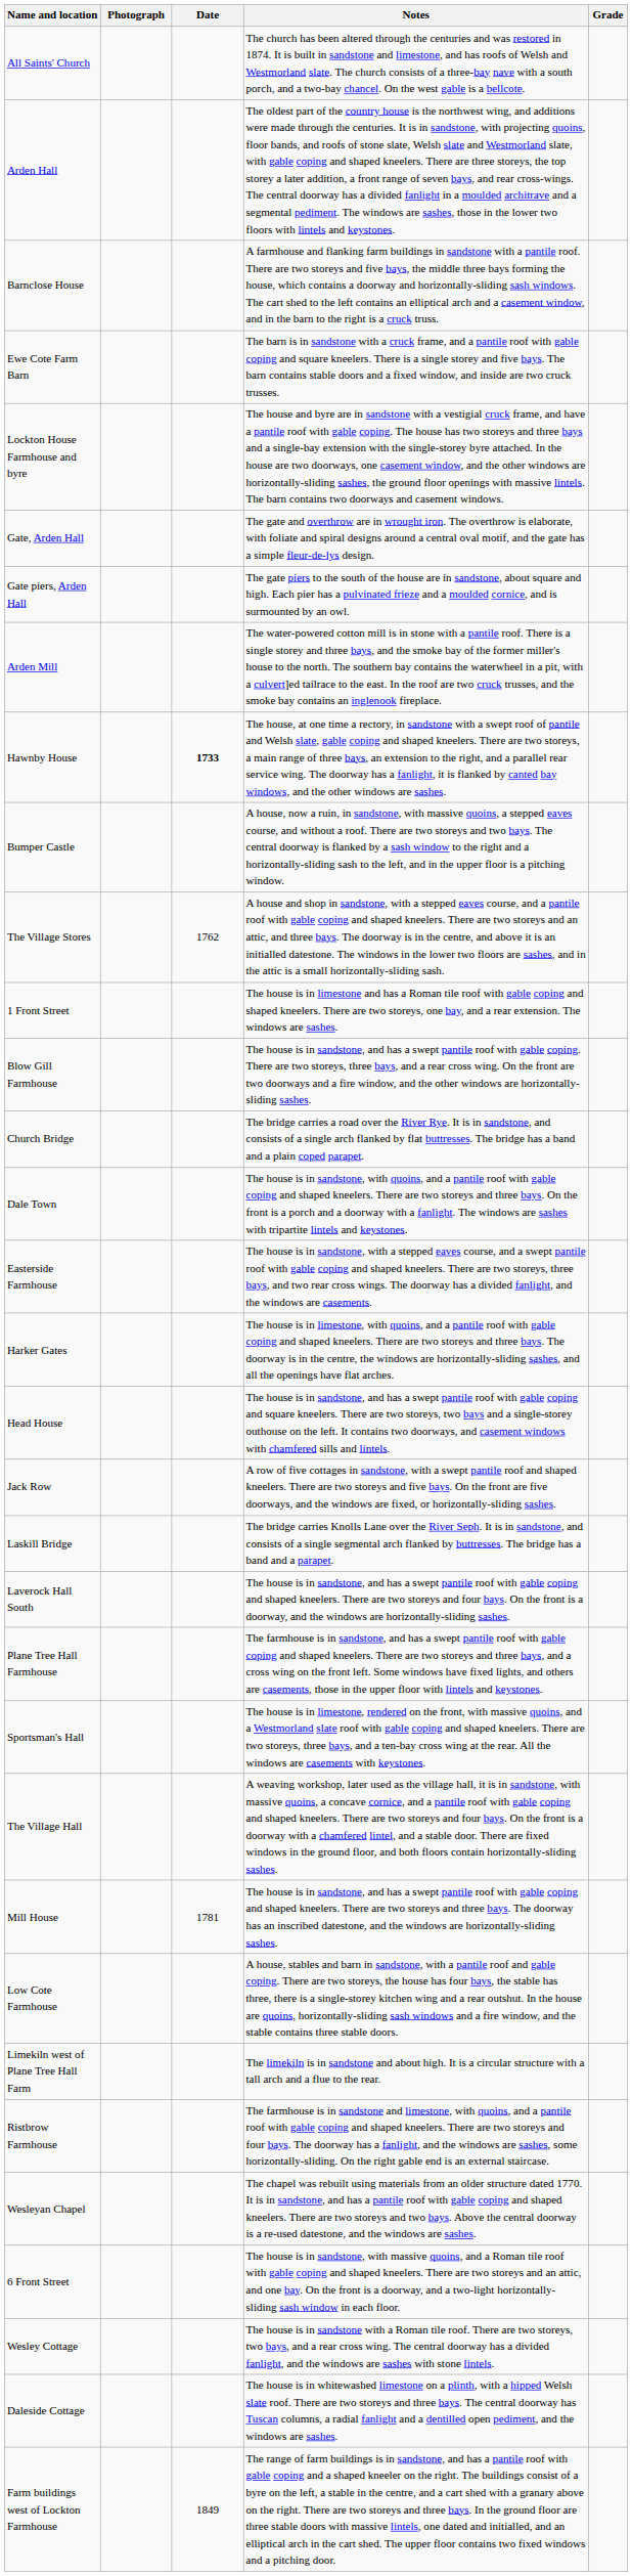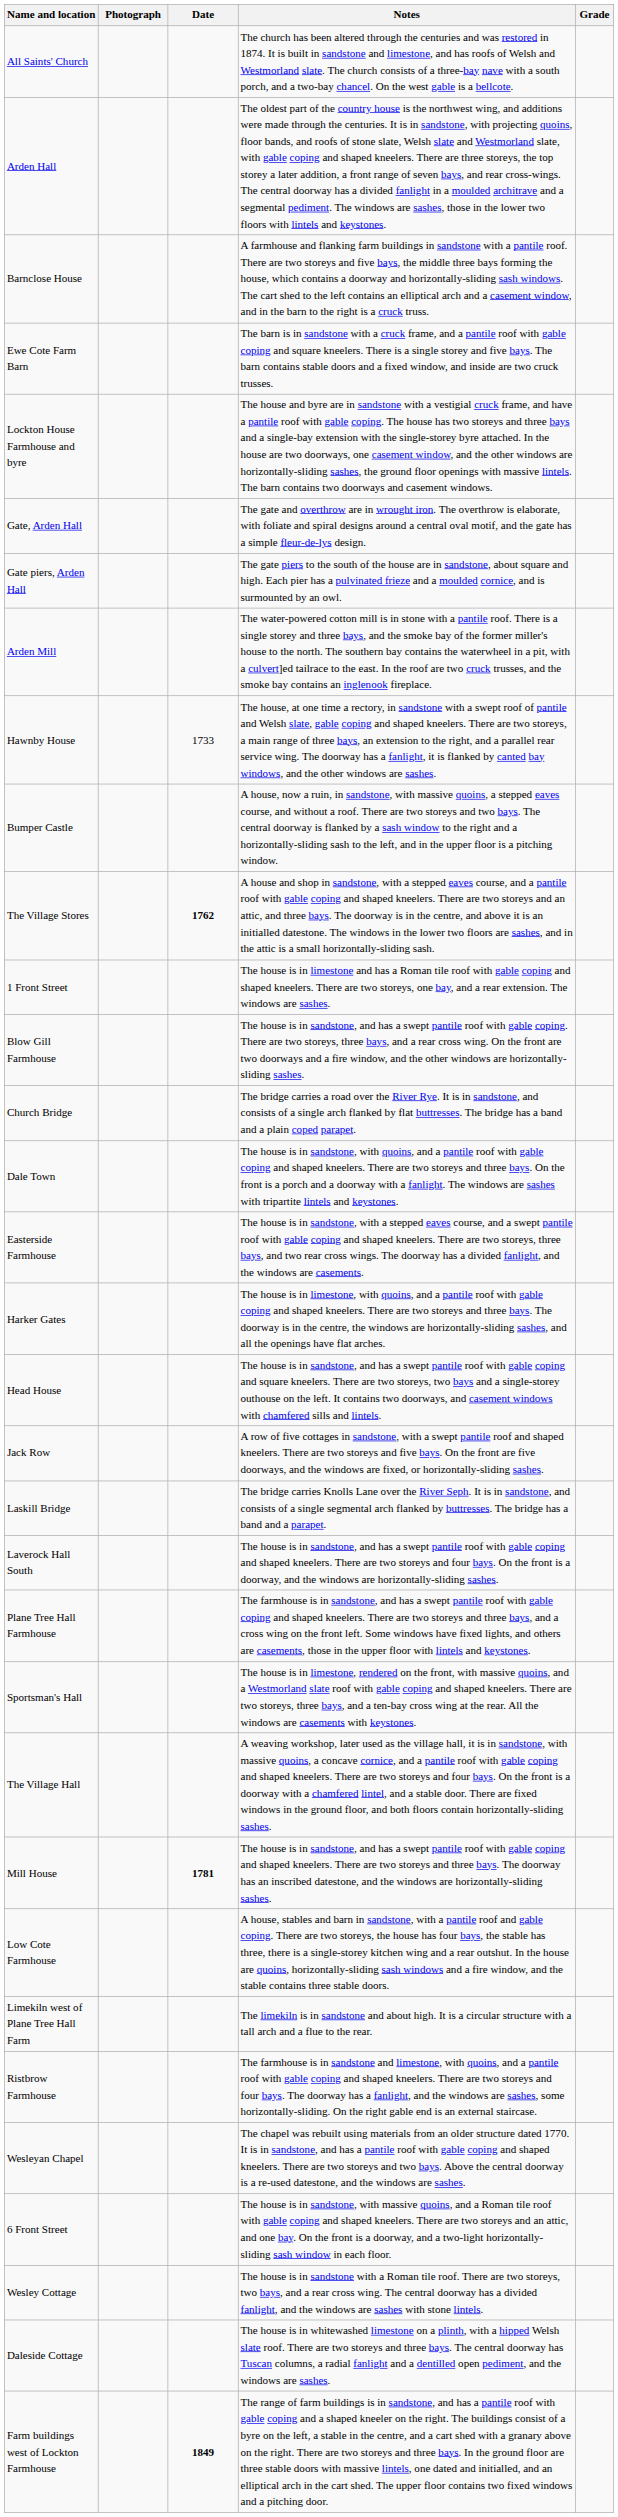 <table class="wikitable sortable plainrowheaders" style="width:100%; border:0px; text-align:left; line-height:150%">
 <tr>
 <th scope="col"  style="width:150px">Name and location</th>
 <th scope="col"  style="width:100px" class="unsortable">Photograph</th>
 <th scope="col"  style="width:120px">Date</th>
 <th scope="col"  style="width:650px" class="unsortable">Notes</th>
 <th scope="col"  style="width:50px">Grade</th>
 </tr>
 <tr>
 <td><a href='#'>All Saints' Church</a><br><small></small></td>
 <td></td>
 <td align="center"></td>
 <td>The church has been altered through the centuries and was <a href='#'>restored</a> in 1874. It is built in <a href='#'>sandstone</a> and <a href='#'>limestone</a>, and has roofs of Welsh and <a href='#'>Westmorland</a> <a href='#'>slate</a>. The church consists of a three-<a href='#'>bay</a> <a href='#'>nave</a> with a south porch, and a two-bay <a href='#'>chancel</a>.  On the west <a href='#'>gable</a> is a <a href='#'>bellcote</a>.</td>
 <td align="center" ></td>
 </tr>
 <tr>
 <td><a href='#'>Arden Hall</a><br><small></small></td>
 <td></td>
 <td align="center"></td>
 <td>The oldest part of the <a href='#'>country house</a> is the northwest wing, and additions were made through the centuries. It is in <a href='#'>sandstone</a>, with projecting <a href='#'>quoins</a>, floor bands, and roofs of stone slate, Welsh <a href='#'>slate</a> and <a href='#'>Westmorland</a> slate, with <a href='#'>gable</a> <a href='#'>coping</a> and shaped kneelers. There are three storeys, the top storey a later addition, a front range of seven <a href='#'>bays</a>, and rear cross-wings. The central doorway has a divided <a href='#'>fanlight</a> in a <a href='#'>moulded</a> <a href='#'>architrave</a> and a segmental <a href='#'>pediment</a>. The windows are <a href='#'>sashes</a>, those in the lower two floors with <a href='#'>lintels</a> and <a href='#'>keystones</a>.</td>
 <td align="center" ></td>
 </tr>
 <tr>
 <td>Barnclose House<br><small></small></td>
 <td></td>
 <td align="center"></td>
 <td>A farmhouse and flanking farm buildings in <a href='#'>sandstone</a> with a <a href='#'>pantile</a> roof.  There are two storeys and five <a href='#'>bays</a>, the middle three bays forming the house, which contains a doorway and horizontally-sliding <a href='#'>sash windows</a>. The cart shed to the left contains an elliptical arch and a <a href='#'>casement window</a>, and in the barn to the right is a <a href='#'>cruck</a> truss.</td>
 <td align="center" ></td>
 </tr>
 <tr>
 <td>Ewe Cote Farm Barn<br><small></small></td>
 <td></td>
 <td align="center"></td>
 <td>The barn is in <a href='#'>sandstone</a> with a <a href='#'>cruck</a> frame, and a <a href='#'>pantile</a> roof with <a href='#'>gable</a> <a href='#'>coping</a> and square kneelers. There is a single storey and five <a href='#'>bays</a>. The barn contains stable doors and a fixed window, and inside are two cruck trusses.</td>
 <td align="center" ></td>
 </tr>
 <tr>
 <td>Lockton House Farmhouse and byre<br><small></small></td>
 <td></td>
 <td align="center"></td>
 <td>The house and byre are in <a href='#'>sandstone</a> with a vestigial <a href='#'>cruck</a> frame, and have a <a href='#'>pantile</a> roof with <a href='#'>gable</a> <a href='#'>coping</a>. The house has two storeys and three <a href='#'>bays</a> and a single-bay extension with the single-storey byre attached. In the house are two doorways, one <a href='#'>casement window</a>, and the other windows are horizontally-sliding <a href='#'>sashes</a>, the ground floor openings with massive <a href='#'>lintels</a>. The barn contains two doorways and casement windows.</td>
 <td align="center" ></td>
 </tr>
 <tr>
 <td>Gate, <a href='#'>Arden Hall</a><br><small></small></td>
 <td></td>
 <td align="center"></td>
 <td>The gate and <a href='#'>overthrow</a> are in <a href='#'>wrought iron</a>. The overthrow is elaborate, with foliate and spiral designs around a central oval motif, and the gate has a simple <a href='#'>fleur-de-lys</a> design.</td>
 <td align="center" ></td>
 </tr>
 <tr>
 <td>Gate piers, <a href='#'>Arden Hall</a><br><small></small></td>
 <td></td>
 <td align="center"></td>
 <td>The gate <a href='#'>piers</a> to the south of the house are in <a href='#'>sandstone</a>, about  square and  high. Each pier has a <a href='#'>pulvinated frieze</a> and a <a href='#'>moulded</a> <a href='#'>cornice</a>, and is surmounted by an owl.</td>
 <td align="center" ></td>
 </tr>
 <tr>
 <td><a href='#'>Arden Mill</a><br><small></small></td>
 <td></td>
 <td align="center"></td>
 <td>The water-powered cotton mill is in stone with a <a href='#'>pantile</a> roof. There is a single storey and three <a href='#'>bays</a>, and the smoke bay of the former miller's house to the north. The southern bay contains the waterwheel in a pit, with a <a href='#'>culvert</a>]ed tailrace to the east. In the roof are two <a href='#'>cruck</a> trusses, and the smoke bay contains an <a href='#'>inglenook</a> fireplace.</td>
 <td align="center" ></td>
 </tr>
 <tr>
 <td>Hawnby House<br><small></small></td>
 <td></td>
-<td align="center"><strong>1733</strong></td>
+<td align="center">1733</td>
 <td>The house, at one time a rectory, in <a href='#'>sandstone</a> with a swept roof of <a href='#'>pantile</a> and Welsh <a href='#'>slate</a>, <a href='#'>gable</a> <a href='#'>coping</a> and shaped kneelers.  There are two storeys, a main range of three <a href='#'>bays</a>, an extension to the right, and a parallel rear service wing. The doorway has a <a href='#'>fanlight</a>, it is flanked by <a href='#'>canted</a> <a href='#'>bay windows</a>, and the other windows are <a href='#'>sashes</a>.</td>
 <td align="center" ></td>
 </tr>
 <tr>
 <td>Bumper Castle<br><small></small></td>
 <td></td>
 <td align="center"></td>
 <td>A house, now a ruin, in <a href='#'>sandstone</a>, with massive <a href='#'>quoins</a>, a stepped <a href='#'>eaves</a> course, and without a roof. There are two storeys and two <a href='#'>bays</a>. The central doorway is flanked by a <a href='#'>sash window</a> to the right and a horizontally-sliding sash to the left, and in the upper floor is a pitching window.</td>
 <td align="center" ></td>
 </tr>
 <tr>
 <td>The Village Stores<br><small></small></td>
 <td></td>
-<td align="center">1762</td>
+<td align="center"><strong>1762</strong></td>
 <td>A house and shop in <a href='#'>sandstone</a>, with a stepped <a href='#'>eaves</a> course, and a <a href='#'>pantile</a> roof with <a href='#'>gable</a> <a href='#'>coping</a> and shaped kneelers. There are two storeys and an attic, and three <a href='#'>bays</a>.  The doorway is in the centre, and above it is an initialled datestone.  The windows in the lower two floors are <a href='#'>sashes</a>, and in the attic is a small horizontally-sliding sash.</td>
 <td align="center" ></td>
 </tr>
 <tr>
 <td>1 Front Street<br><small></small></td>
 <td></td>
 <td align="center"></td>
 <td>The house is in <a href='#'>limestone</a> and has a Roman tile roof with <a href='#'>gable</a> <a href='#'>coping</a> and shaped kneelers. There are two storeys, one <a href='#'>bay</a>, and a rear extension. The windows are <a href='#'>sashes</a>.</td>
 <td align="center" ></td>
 </tr>
 <tr>
 <td>Blow Gill Farmhouse<br><small></small></td>
 <td></td>
 <td align="center"></td>
 <td>The house is in <a href='#'>sandstone</a>, and has a swept <a href='#'>pantile</a> roof with <a href='#'>gable</a> <a href='#'>coping</a>. There are two storeys, three <a href='#'>bays</a>, and a rear cross wing. On the front are two doorways and a fire window, and the other windows are horizontally-sliding <a href='#'>sashes</a>.</td>
 <td align="center" ></td>
 </tr>
 <tr>
 <td>Church Bridge<br><small></small></td>
 <td></td>
 <td align="center"></td>
 <td>The bridge carries a road over the <a href='#'>River Rye</a>. It is in <a href='#'>sandstone</a>, and consists of a single arch flanked by flat <a href='#'>buttresses</a>. The bridge has a band and a plain <a href='#'>coped</a> <a href='#'>parapet</a>.</td>
 <td align="center" ></td>
 </tr>
 <tr>
 <td>Dale Town<br><small></small></td>
 <td></td>
 <td align="center"></td>
 <td>The house is in <a href='#'>sandstone</a>, with <a href='#'>quoins</a>, and a <a href='#'>pantile</a> roof with <a href='#'>gable</a> <a href='#'>coping</a> and shaped kneelers. There are two storeys and three <a href='#'>bays</a>. On the front is a porch and a doorway with a <a href='#'>fanlight</a>. The windows are <a href='#'>sashes</a> with tripartite <a href='#'>lintels</a> and <a href='#'>keystones</a>.</td>
 <td align="center" ></td>
 </tr>
 <tr>
 <td>Easterside Farmhouse<br><small></small></td>
 <td></td>
 <td align="center"></td>
 <td>The house is in <a href='#'>sandstone</a>, with a stepped <a href='#'>eaves</a> course, and a swept <a href='#'>pantile</a> roof with <a href='#'>gable</a> <a href='#'>coping</a> and shaped kneelers. There are two storeys, three <a href='#'>bays</a>, and two rear cross wings. The doorway has a divided <a href='#'>fanlight</a>, and the windows are <a href='#'>casements</a>.</td>
 <td align="center" ></td>
 </tr>
 <tr>
 <td>Harker Gates<br><small></small></td>
 <td></td>
 <td align="center"></td>
 <td>The house is in <a href='#'>limestone</a>, with <a href='#'>quoins</a>, and a <a href='#'>pantile</a> roof with <a href='#'>gable</a> <a href='#'>coping</a> and shaped kneelers. There are two storeys and three <a href='#'>bays</a>.  The doorway is in the centre, the windows are horizontally-sliding <a href='#'>sashes</a>, and all the openings have flat arches.</td>
 <td align="center" ></td>
 </tr>
 <tr>
 <td>Head House<br><small></small></td>
 <td></td>
 <td align="center"></td>
 <td>The house is in <a href='#'>sandstone</a>, and has a swept <a href='#'>pantile</a> roof with <a href='#'>gable</a> <a href='#'>coping</a> and square kneelers. There are two storeys, two <a href='#'>bays</a> and a single-storey outhouse on the left. It contains two doorways, and <a href='#'>casement windows</a> with <a href='#'>chamfered</a> sills and <a href='#'>lintels</a>.</td>
 <td align="center" ></td>
 </tr>
 <tr>
 <td>Jack Row<br><small></small></td>
 <td></td>
 <td align="center"></td>
 <td>A row of five cottages in <a href='#'>sandstone</a>, with a swept <a href='#'>pantile</a> roof and shaped kneelers. There are two storeys and five <a href='#'>bays</a>. On the front are five doorways, and the windows are fixed, or horizontally-sliding <a href='#'>sashes</a>.</td>
 <td align="center" ></td>
 </tr>
 <tr>
 <td>Laskill Bridge<br><small></small></td>
 <td></td>
 <td align="center"></td>
 <td>The bridge carries Knolls Lane over the <a href='#'>River Seph</a>. It is in <a href='#'>sandstone</a>, and consists of a single segmental arch flanked by <a href='#'>buttresses</a>. The bridge has a band and a <a href='#'>parapet</a>.</td>
 <td align="center" ></td>
 </tr>
 <tr>
 <td>Laverock Hall South<br><small></small></td>
 <td></td>
 <td align="center"></td>
 <td>The house is in <a href='#'>sandstone</a>, and has a swept <a href='#'>pantile</a> roof with <a href='#'>gable</a> <a href='#'>coping</a> and shaped kneelers. There are two storeys and four <a href='#'>bays</a>. On the front is a doorway, and the windows are horizontally-sliding <a href='#'>sashes</a>.</td>
 <td align="center" ></td>
 </tr>
 <tr>
 <td>Plane Tree Hall Farmhouse<br><small></small></td>
 <td></td>
 <td align="center"></td>
 <td>The farmhouse is in <a href='#'>sandstone</a>, and has a swept <a href='#'>pantile</a> roof with <a href='#'>gable</a> <a href='#'>coping</a> and shaped kneelers. There are two storeys and three <a href='#'>bays</a>, and a cross wing on the front left. Some windows have fixed lights, and others are <a href='#'>casements</a>, those in the upper floor with <a href='#'>lintels</a> and <a href='#'>keystones</a>.</td>
 <td align="center" ></td>
 </tr>
 <tr>
 <td>Sportsman's Hall<br><small></small></td>
 <td></td>
 <td align="center"></td>
 <td>The house is in <a href='#'>limestone</a>, <a href='#'>rendered</a> on the front, with massive <a href='#'>quoins</a>, and a <a href='#'>Westmorland</a> <a href='#'>slate</a> roof with <a href='#'>gable</a> <a href='#'>coping</a> and shaped kneelers. There are two storeys, three <a href='#'>bays</a>, and a ten-bay cross wing at the rear.  All the windows are <a href='#'>casements</a> with <a href='#'>keystones</a>.</td>
 <td align="center" ></td>
 </tr>
 <tr>
 <td>The Village Hall<br><small></small></td>
 <td></td>
 <td align="center"></td>
 <td>A weaving workshop, later used as the village hall, it is in <a href='#'>sandstone</a>, with massive <a href='#'>quoins</a>, a concave <a href='#'>cornice</a>, and a <a href='#'>pantile</a> roof with <a href='#'>gable</a> <a href='#'>coping</a> and shaped kneelers. There are two storeys and four <a href='#'>bays</a>. On the front is a doorway with a <a href='#'>chamfered</a> <a href='#'>lintel</a>, and a stable door. There are fixed windows in the ground floor, and both floors contain horizontally-sliding <a href='#'>sashes</a>.</td>
 <td align="center" ></td>
 </tr>
 <tr>
 <td>Mill House<br><small></small></td>
 <td></td>
-<td align="center">1781</td>
+<td align="center"><strong>1781</strong></td>
 <td>The house is in <a href='#'>sandstone</a>, and has a swept <a href='#'>pantile</a> roof with <a href='#'>gable</a> <a href='#'>coping</a> and shaped kneelers. There are two storeys and three <a href='#'>bays</a>. The doorway has an inscribed datestone, and the windows are horizontally-sliding <a href='#'>sashes</a>.</td>
 <td align="center" ></td>
 </tr>
 <tr>
 <td>Low Cote Farmhouse<br><small></small></td>
 <td></td>
 <td align="center"></td>
 <td>A house, stables and barn in <a href='#'>sandstone</a>, with a <a href='#'>pantile</a> roof and <a href='#'>gable</a> <a href='#'>coping</a>. There are two storeys, the house has four <a href='#'>bays</a>, the stable has three, there is a single-storey kitchen wing and a rear outshut. In the house are <a href='#'>quoins</a>, horizontally-sliding <a href='#'>sash windows</a> and a fire window, and the stable contains three stable doors.</td>
 <td align="center" ></td>
 </tr>
 <tr>
 <td>Limekiln west of Plane Tree Hall Farm<br><small></small></td>
 <td></td>
 <td align="center"></td>
 <td>The <a href='#'>limekiln</a> is in <a href='#'>sandstone</a> and about  high. It is a circular structure with a tall arch and a flue to the rear.</td>
 <td align="center" ></td>
 </tr>
 <tr>
 <td>Ristbrow Farmhouse<br><small></small></td>
 <td></td>
 <td align="center"></td>
 <td>The farmhouse is in <a href='#'>sandstone</a> and <a href='#'>limestone</a>, with <a href='#'>quoins</a>, and a <a href='#'>pantile</a> roof with <a href='#'>gable</a> <a href='#'>coping</a> and shaped kneelers. There are two storeys and four <a href='#'>bays</a>. The doorway has a <a href='#'>fanlight</a>, and the windows are <a href='#'>sashes</a>, some horizontally-sliding.  On the right gable end is an external staircase.</td>
 <td align="center" ></td>
 </tr>
 <tr>
 <td>Wesleyan Chapel<br><small></small></td>
 <td></td>
 <td align="center"></td>
 <td>The chapel  was rebuilt using materials from an older structure dated 1770. It is in <a href='#'>sandstone</a>, and has a <a href='#'>pantile</a> roof with <a href='#'>gable</a> <a href='#'>coping</a> and shaped kneelers. There are two storeys and two <a href='#'>bays</a>.  Above the central doorway is a re-used datestone, and the windows are <a href='#'>sashes</a>.</td>
 <td align="center" ></td>
 </tr>
 <tr>
 <td>6 Front Street<br><small></small></td>
 <td></td>
 <td align="center"></td>
 <td>The house is in <a href='#'>sandstone</a>, with massive <a href='#'>quoins</a>, and a Roman tile roof with <a href='#'>gable</a> <a href='#'>coping</a> and shaped kneelers. There are two storeys and an attic, and one <a href='#'>bay</a>. On the front is a doorway, and a two-light horizontally-sliding <a href='#'>sash window</a> in each floor.</td>
 <td align="center" ></td>
 </tr>
 <tr>
 <td>Wesley Cottage<br><small></small></td>
 <td></td>
 <td align="center"></td>
 <td>The house is in <a href='#'>sandstone</a> with a Roman tile roof. There are two storeys, two <a href='#'>bays</a>, and a rear cross wing.  The central doorway has a divided <a href='#'>fanlight</a>, and the windows are <a href='#'>sashes</a> with stone <a href='#'>lintels</a>.</td>
 <td align="center" ></td>
 </tr>
 <tr>
 <td>Daleside Cottage<br><small></small></td>
 <td></td>
 <td align="center"></td>
 <td>The house is in whitewashed <a href='#'>limestone</a> on a <a href='#'>plinth</a>, with a <a href='#'>hipped</a> Welsh <a href='#'>slate</a> roof. There are two storeys and three <a href='#'>bays</a>. The central doorway has <a href='#'>Tuscan</a> columns, a radial <a href='#'>fanlight</a> and a <a href='#'>dentilled</a> open <a href='#'>pediment</a>, and the windows are <a href='#'>sashes</a>.</td>
 <td align="center" ></td>
 </tr>
 <tr>
 <td>Farm buildings west of Lockton Farmhouse<br><small></small></td>
 <td></td>
-<td align="center">1849</td>
+<td align="center"><strong>1849</strong></td>
 <td>The range of farm buildings is in <a href='#'>sandstone</a>, and has a <a href='#'>pantile</a> roof with <a href='#'>gable</a> <a href='#'>coping</a> and a shaped kneeler on the right. The buildings consist of a byre on the left, a stable in the centre, and a cart shed with a granary above on the right. There are two storeys and three <a href='#'>bays</a>.  In the ground floor are three stable doors with massive <a href='#'>lintels</a>, one dated and initialled, and an elliptical arch in the cart shed. The upper floor contains two fixed windows and a pitching door.</td>
 <td align="center" ></td>
 </tr>
 <tr>
 </tr>
 </table>
